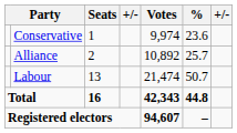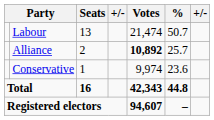 <table class="wikitable sortable">
 <tr>
 <th colspan="2">Party</th>
 <th>Seats</th>
 <th>+/-</th>
 <th>Votes</th>
 <th>%</th>
 <th>+/-</th>
 </tr>
 <tr>
 <td style="background-color: "></td>
-<td><a href='#'>Conservative</a></td>
-<td>1</td>
+<td><a href='#'>Labour</a></td>
+<td>13</td>
 <td></td>
-<td style="text-align:right;">9,974</td>
-<td style="text-align:right;">23.6</td>
+<td style="text-align:right;">21,474</td>
+<td style="text-align:right;">50.7</td>
 <td style="text-align:right;"></td>
 </tr>
 <tr>
 <td style="background-color: "></td>
 <td><a href='#'>Alliance</a></td>
 <td>2</td>
 <td></td>
-<td style="text-align:right;">10,892</td>
+<td style="text-align:right;"><strong>10,892</strong></td>
 <td style="text-align:right;">25.7</td>
 <td style="text-align:right;"></td>
 </tr>
 <tr>
 <td style="background-color: "></td>
-<td><a href='#'>Labour</a></td>
-<td>13</td>
+<td><a href='#'>Conservative</a></td>
+<td>1</td>
 <td></td>
-<td style="text-align:right;">21,474</td>
-<td style="text-align:right;">50.7</td>
+<td style="text-align:right;">9,974</td>
+<td style="text-align:right;">23.6</td>
 <td style="text-align:right;"></td>
 </tr>
 <tr>
 <td colspan="2"><strong>Total</strong></td>
 <td><strong>16</strong></td>
 <td></td>
 <td style="text-align:right;"><strong>42,343</strong></td>
 <td style="text-align:right;"><strong>44.8</strong></td>
 <td style="text-align:right;"></td>
 </tr>
 <tr>
 <td colspan="4"><strong>Registered electors</strong></td>
 <td style="text-align:right;"><strong>94,607</strong></td>
 <td style="text-align:right;"><strong>–</strong></td>
 <td style="text-align:right;"></td>
 </tr>
 </table>
